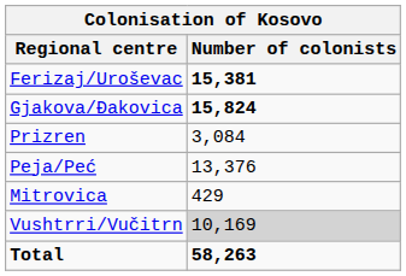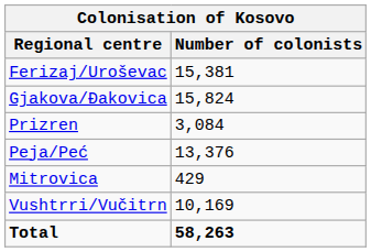 <table class="wikitable">
 <tr>
 <th colspan="2">Colonisation of Kosovo</th>
 </tr>
 <tr>
 <th>Regional centre</th>
 <th>Number of colonists</th>
 </tr>
 <tr>
 <td><a href='#'>Ferizaj/Uroševac</a></td>
-<td><strong>15,381</strong></td>
+<td>15,381</td>
 </tr>
 <tr>
 <td><a href='#'>Gjakova/Đakovica</a></td>
-<td><strong>15,824</strong></td>
+<td>15,824</td>
 </tr>
 <tr>
 <td><a href='#'>Prizren</a></td>
 <td>3,084</td>
 </tr>
 <tr>
 <td><a href='#'>Peja/Peć</a></td>
 <td>13,376</td>
 </tr>
 <tr>
 <td><a href='#'>Mitrovica</a></td>
 <td>429</td>
 </tr>
 <tr>
 <td><a href='#'>Vushtrri/Vučitrn</a></td>
-<td style="background: lightgrey;">10,169</td>
+<td>10,169</td>
 </tr>
 <tr>
 <td><strong>Total</strong></td>
 <td colspan ="7"><strong>58,263</strong></td>
 </tr>
 </table>
